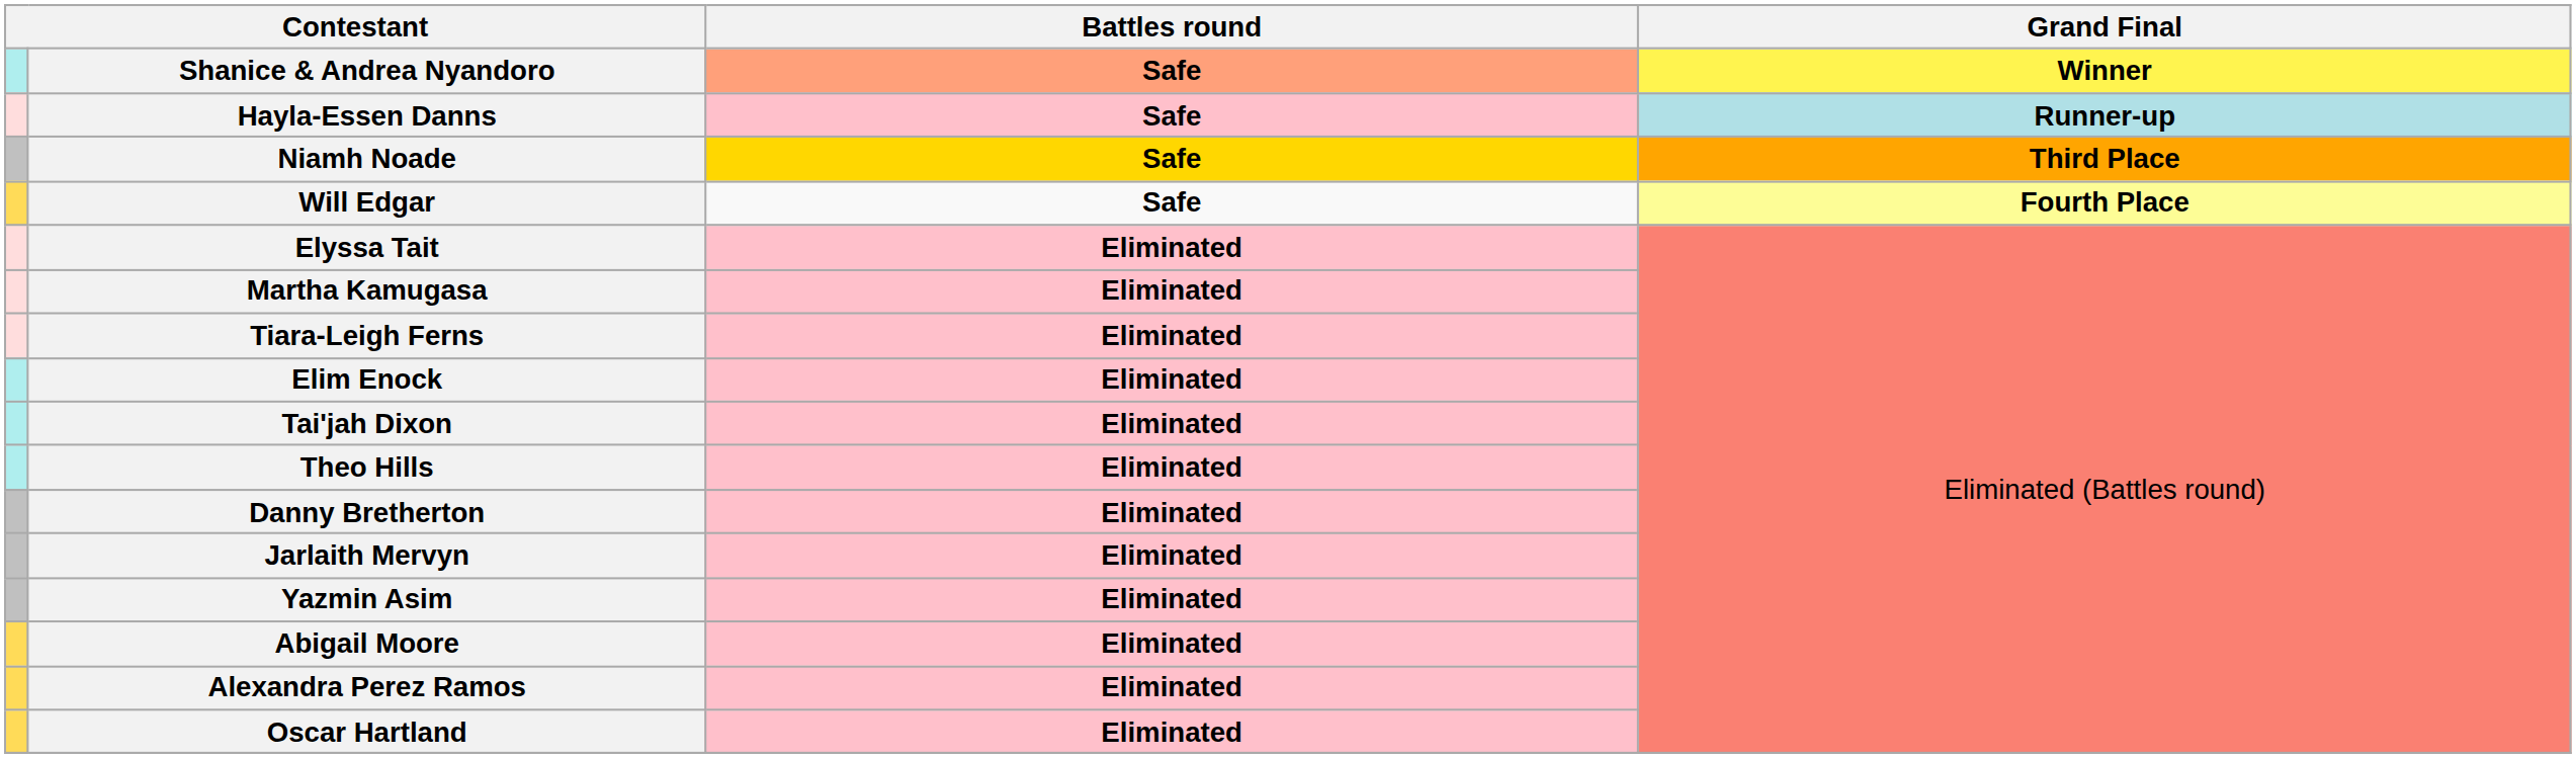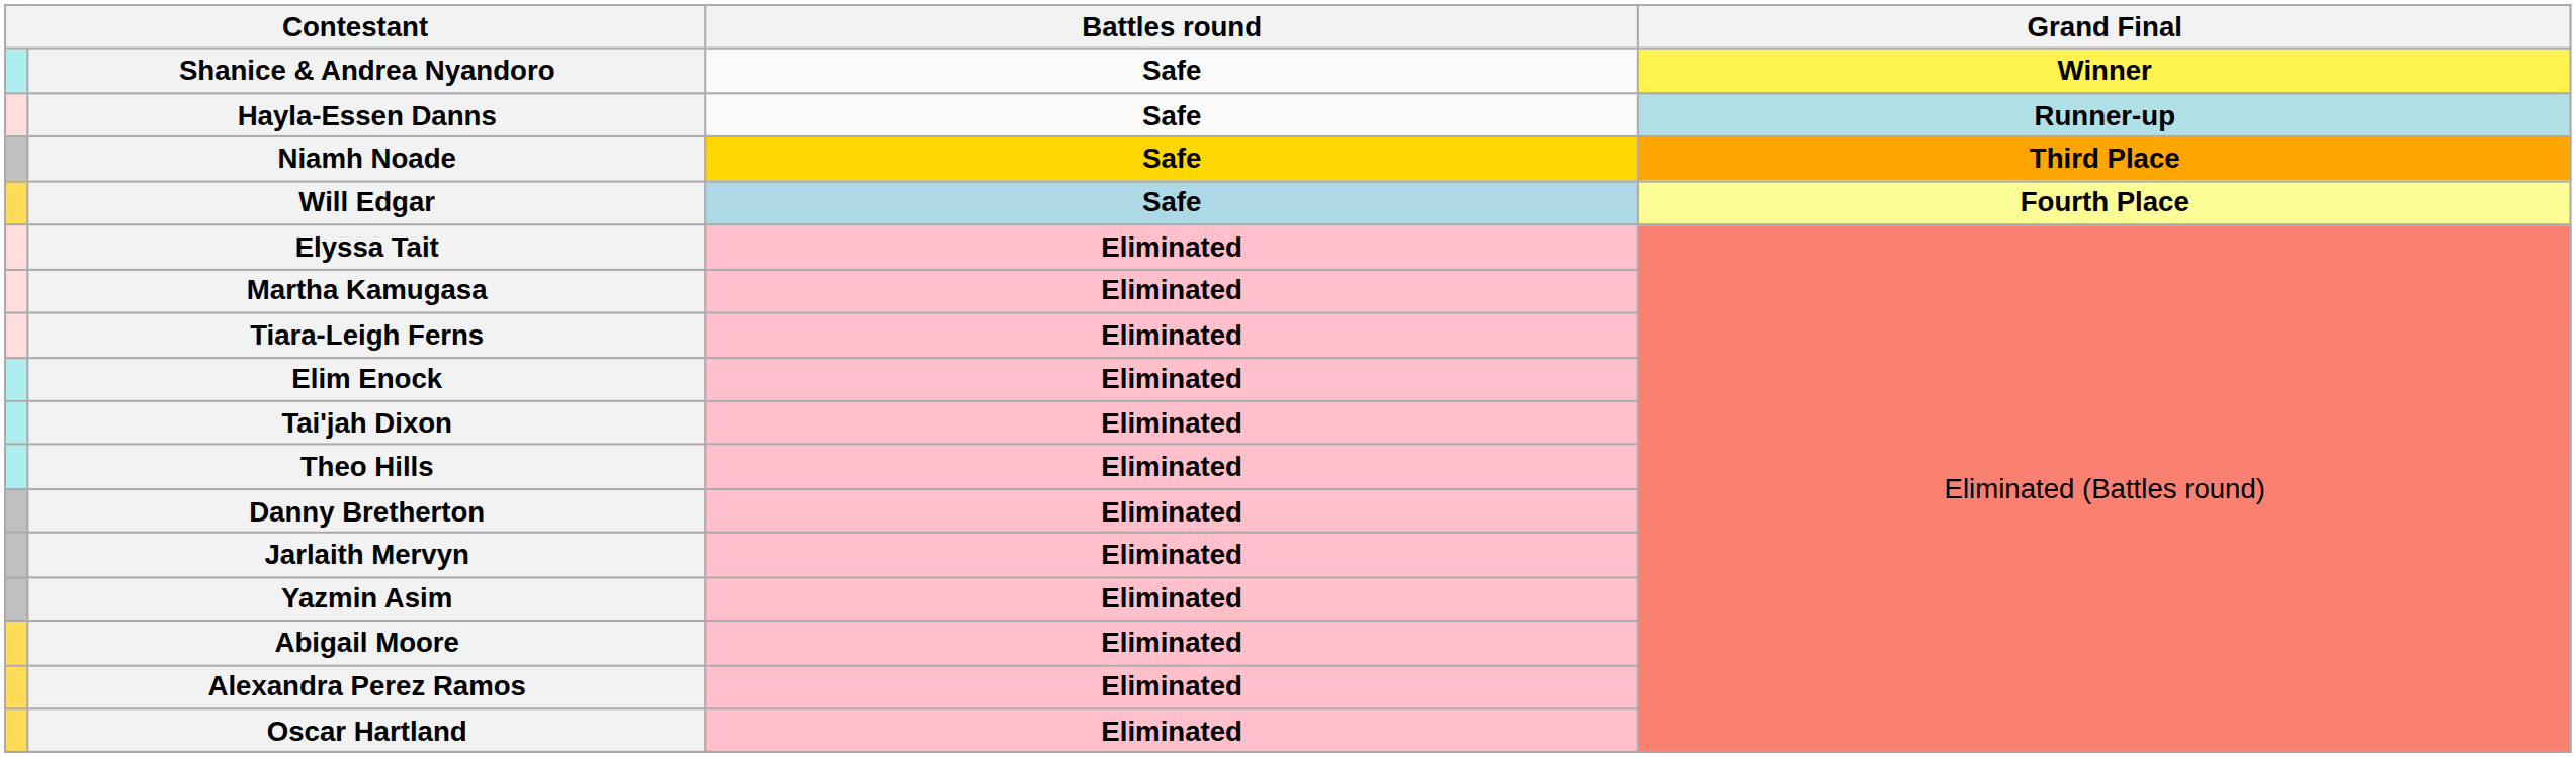 <table class="wikitable" style="text-align:center; font-size:85%">
 <tr>
 <th colspan="2" style="width:15%">Contestant</th>
 <th scope="col" style="width:20%">Battles round</th>
 <th colspan="2" style="width:20%">Grand Final</th>
 </tr>
 <tr>
 <th style="background:#afeeee"></th>
 <th>Shanice & Andrea Nyandoro</th>
-<td style="background: lightsalmon;"><strong>Safe</strong></td>
+<td><strong>Safe</strong></td>
 <td style="background:#FFF44F"><strong>Winner</strong></td>
 </tr>
 <tr>
 <th style="background:#ffdddd"></th>
 <th>Hayla-Essen Danns</th>
-<td style="background: pink;"><strong>Safe</strong></td>
+<td><strong>Safe</strong></td>
 <td style="background:#B0E0E6"><strong>Runner-up</strong></td>
 </tr>
 <tr>
 <th style="background:silver"></th>
 <th>Niamh Noade</th>
 <td style="background: gold;"><strong>Safe</strong></td>
 <td style="background:orange"><strong>Third Place</strong></td>
 </tr>
 <tr>
 <th style="background:#ffdb58"></th>
 <th>Will Edgar</th>
-<td><strong>Safe</strong></td>
+<td style="background: lightblue;"><strong>Safe</strong></td>
 <td style="background:#FDFD96"><strong>Fourth Place</strong></td>
 </tr>
 <tr>
 <td style="background:#ffdddd"></td>
 <th>Elyssa Tait</th>
 <td style="background:pink"><strong>Eliminated</strong></td>
 <td rowspan="12" colspan="2" style="background:salmon">Eliminated (Battles round)</td>
 </tr>
 <tr>
 <th style="background:#ffdddd"></th>
 <th>Martha Kamugasa</th>
 <td style="background:pink"><strong>Eliminated</strong></td>
 </tr>
 <tr>
 <th style="background:#ffdddd"></th>
 <th>Tiara-Leigh Ferns</th>
 <td style="background:pink"><strong>Eliminated</strong></td>
 </tr>
 <tr>
 <th style="background:#afeeee"></th>
 <th>Elim Enock</th>
 <td style="background:pink"><strong>Eliminated</strong></td>
 </tr>
 <tr>
 <th style="background:#afeeee"></th>
 <th>Tai'jah Dixon</th>
 <td style="background:pink"><strong>Eliminated</strong></td>
 </tr>
 <tr>
 <th style="background:#afeeee"></th>
 <th>Theo Hills</th>
 <td style="background:pink"><strong>Eliminated</strong></td>
 </tr>
 <tr>
 <th style="background:silver"></th>
 <th>Danny Bretherton</th>
 <td style="background:pink"><strong>Eliminated</strong></td>
 </tr>
 <tr>
 <th style="background:silver"></th>
 <th>Jarlaith Mervyn</th>
 <td style="background:pink"><strong>Eliminated</strong></td>
 </tr>
 <tr>
 <th style="background:silver"></th>
 <th>Yazmin Asim</th>
 <td style="background:pink"><strong>Eliminated</strong></td>
 </tr>
 <tr>
 <th style="background:#ffdb58"></th>
 <th>Abigail Moore</th>
 <td style="background:pink"><strong>Eliminated</strong></td>
 </tr>
 <tr>
 <th style="background:#ffdb58"></th>
 <th>Alexandra Perez Ramos</th>
 <td style="background:pink"><strong>Eliminated</strong></td>
 </tr>
 <tr>
 <th style="background:#ffdb58"></th>
 <th>Oscar Hartland</th>
 <td style="background:pink"><strong>Eliminated</strong></td>
 </tr>
 <tr>
 </tr>
 </table>
